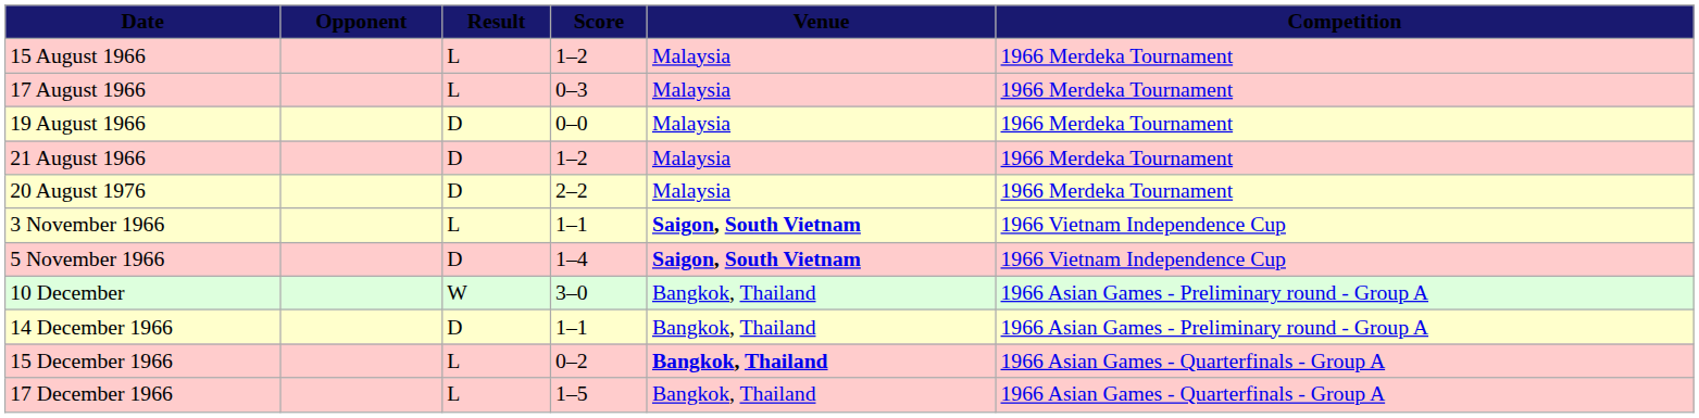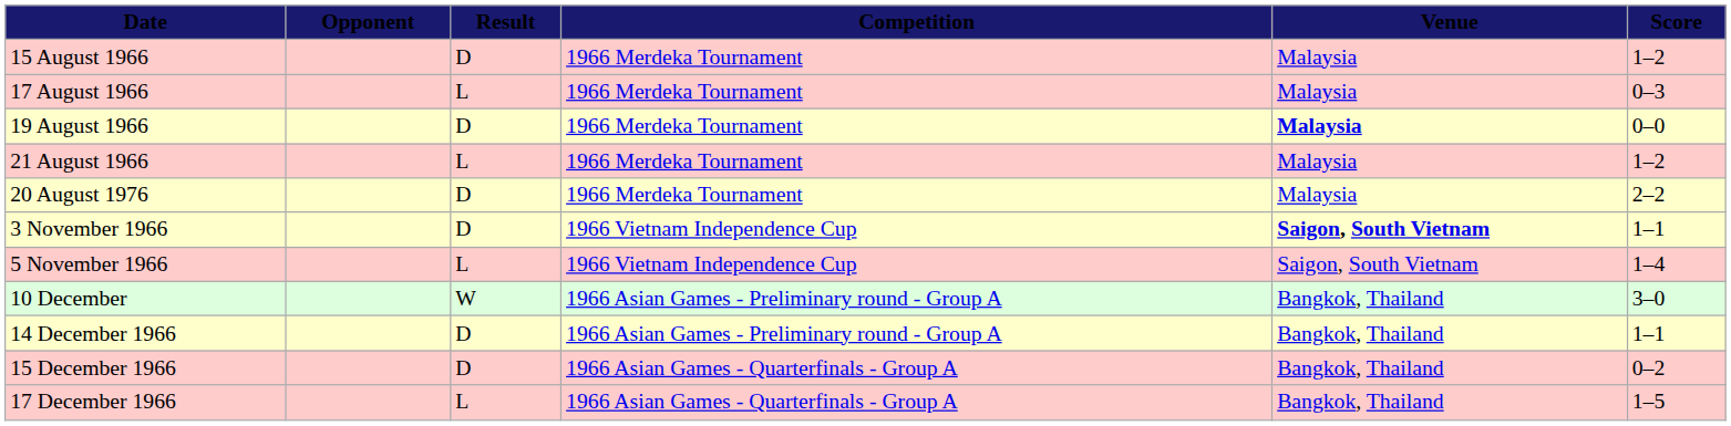 <table style="width:100%;" class="wikitable">
 <tr>
 <th style="background:#191970;"><span>Date</span></th>
 <th style="background:#191970;"><span>Opponent</span></th>
 <th style="background:#191970;"><span>Result</span></th>
+<th style="background:#191970;"><span>Competition</span></th>
+<th style="background:#191970;"><span>Venue</span></th>
 <th style="background:#191970;"><span>Score</span></th>
-<th style="background:#191970;"><span>Venue</span></th>
-<th style="background:#191970;"><span>Competition</span></th>
 </tr>
 <tr style="background:#fcc;">
 <td>15 August 1966</td>
 <td></td>
-<td>L</td>
+<td>D</td>
+<td><a href='#'>1966 Merdeka Tournament</a></td>
+<td> <a href='#'>Malaysia</a></td>
 <td>1–2</td>
-<td> <a href='#'>Malaysia</a></td>
-<td><a href='#'>1966 Merdeka Tournament</a></td>
 </tr>
 <tr style="background:#fcc;">
 <td>17 August 1966</td>
 <td></td>
 <td>L</td>
+<td><a href='#'>1966 Merdeka Tournament</a></td>
+<td> <a href='#'>Malaysia</a></td>
 <td>0–3</td>
-<td> <a href='#'>Malaysia</a></td>
-<td><a href='#'>1966 Merdeka Tournament</a></td>
 </tr>
 <tr style="background:#ffc;">
 <td>19 August 1966</td>
 <td></td>
 <td>D</td>
+<td><a href='#'>1966 Merdeka Tournament</a></td>
+<td><strong> <a href='#'>Malaysia</a></strong></td>
 <td>0–0</td>
-<td> <a href='#'>Malaysia</a></td>
-<td><a href='#'>1966 Merdeka Tournament</a></td>
 </tr>
 <tr style="background:#fcc;">
 <td>21 August 1966</td>
 <td></td>
-<td>D</td>
+<td>L</td>
+<td><a href='#'>1966 Merdeka Tournament</a></td>
+<td> <a href='#'>Malaysia</a></td>
 <td>1–2</td>
-<td> <a href='#'>Malaysia</a></td>
-<td><a href='#'>1966 Merdeka Tournament</a></td>
 </tr>
 <tr style="background:#ffc;">
 <td>20 August 1976</td>
 <td></td>
 <td>D</td>
+<td><a href='#'>1966 Merdeka Tournament</a></td>
+<td> <a href='#'>Malaysia</a></td>
 <td>2–2</td>
-<td> <a href='#'>Malaysia</a></td>
-<td><a href='#'>1966 Merdeka Tournament</a></td>
 </tr>
 <tr style="background:#ffc;">
 <td>3 November 1966</td>
 <td></td>
-<td>L</td>
+<td>D</td>
+<td><a href='#'>1966 Vietnam Independence Cup</a></td>
+<td><strong> <a href='#'>Saigon</a>, <a href='#'>South Vietnam</a></strong></td>
 <td>1–1</td>
-<td><strong> <a href='#'>Saigon</a>, <a href='#'>South Vietnam</a></strong></td>
-<td><a href='#'>1966 Vietnam Independence Cup</a></td>
 </tr>
 <tr style="background:#fcc;">
 <td>5 November 1966</td>
 <td></td>
-<td>D</td>
+<td>L</td>
+<td><a href='#'>1966 Vietnam Independence Cup</a></td>
+<td> <a href='#'>Saigon</a>, <a href='#'>South Vietnam</a></td>
 <td>1–4</td>
-<td><strong> <a href='#'>Saigon</a>, <a href='#'>South Vietnam</a></strong></td>
-<td><a href='#'>1966 Vietnam Independence Cup</a></td>
 </tr>
 <tr style="background:#dfd;">
 <td>10 December</td>
 <td></td>
 <td>W</td>
+<td><a href='#'>1966 Asian Games - Preliminary round - Group A</a></td>
+<td> <a href='#'>Bangkok</a>, <a href='#'>Thailand</a></td>
 <td>3–0</td>
-<td> <a href='#'>Bangkok</a>, <a href='#'>Thailand</a></td>
-<td><a href='#'>1966 Asian Games - Preliminary round - Group A</a></td>
 </tr>
 <tr style="background:#ffc;">
 <td>14 December 1966</td>
 <td></td>
 <td>D</td>
+<td><a href='#'>1966 Asian Games - Preliminary round - Group A</a></td>
+<td> <a href='#'>Bangkok</a>, <a href='#'>Thailand</a></td>
 <td>1–1</td>
-<td> <a href='#'>Bangkok</a>, <a href='#'>Thailand</a></td>
-<td><a href='#'>1966 Asian Games - Preliminary round - Group A</a></td>
 </tr>
 <tr style="background:#fcc;">
 <td>15 December 1966</td>
 <td></td>
-<td>L</td>
+<td>D</td>
+<td><a href='#'>1966 Asian Games - Quarterfinals - Group A</a></td>
+<td> <a href='#'>Bangkok</a>, <a href='#'>Thailand</a></td>
 <td>0–2</td>
-<td><strong> <a href='#'>Bangkok</a>, <a href='#'>Thailand</a></strong></td>
-<td><a href='#'>1966 Asian Games - Quarterfinals - Group A</a></td>
 </tr>
 <tr style="background:#fcc;">
 <td>17 December 1966</td>
 <td></td>
 <td>L</td>
+<td><a href='#'>1966 Asian Games - Quarterfinals - Group A</a></td>
+<td> <a href='#'>Bangkok</a>, <a href='#'>Thailand</a></td>
 <td>1–5</td>
-<td> <a href='#'>Bangkok</a>, <a href='#'>Thailand</a></td>
-<td><a href='#'>1966 Asian Games - Quarterfinals - Group A</a></td>
 </tr>
 </table>
